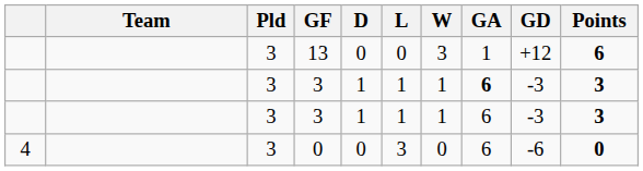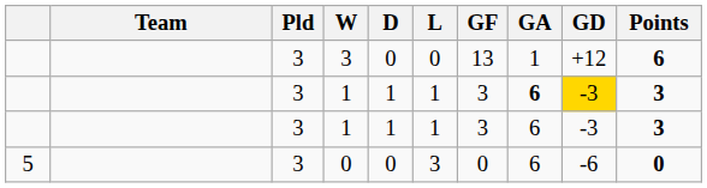 <table class=wikitable style="text-align:center" width=500>
 <tr>
 <th width=5%></th>
 <th width=25%>Team</th>
 <th width=5%>Pld</th>
-<th width=5%>GF</th>
+<th width=5%>W</th>
 <th width=5%>D</th>
 <th width=5%>L</th>
-<th width=5%>W</th>
+<th width=5%>GF</th>
 <th width=5%>GA</th>
 <th width=5%>GD</th>
 <th width=8%>Points</th>
 </tr>
 <tr>
 <td align="center"></td>
 <td align="left"></td>
 <td>3</td>
-<td>13</td>
+<td>3</td>
 <td>0</td>
 <td>0</td>
-<td>3</td>
+<td>13</td>
 <td>1</td>
 <td>+12</td>
 <td><strong>6</strong></td>
 </tr>
 <tr>
 <td align="center"></td>
 <td align="left"></td>
 <td>3</td>
-<td>3</td>
 <td>1</td>
 <td>1</td>
 <td>1</td>
+<td>3</td>
 <td><strong>6</strong></td>
-<td>-3</td>
+<td style="background: gold;">-3</td>
 <td><strong>3</strong></td>
 </tr>
 <tr>
 <td align="center"></td>
 <td align="left"></td>
 <td>3</td>
-<td>3</td>
 <td>1</td>
 <td>1</td>
 <td>1</td>
+<td>3</td>
 <td>6</td>
 <td>-3</td>
 <td><strong>3</strong></td>
 </tr>
 <tr>
-<td align="center">4</td>
+<td align="center">5</td>
 <td align="left"></td>
 <td>3</td>
 <td>0</td>
 <td>0</td>
 <td>3</td>
 <td>0</td>
 <td>6</td>
 <td>-6</td>
 <td><strong>0</strong></td>
 </tr>
 </table>
